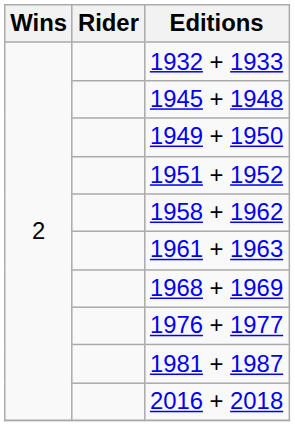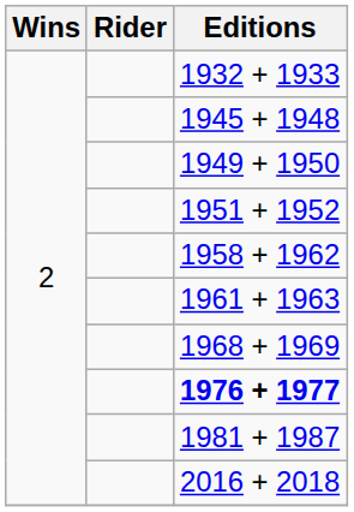 <table class="wikitable">
 <tr>
 <th>Wins</th>
 <th>Rider</th>
 <th>Editions</th>
 </tr>
 <tr>
 <td align=center rowspan= 10>2</td>
 <td></td>
 <td><a href='#'>1932</a> + <a href='#'>1933</a></td>
 </tr>
 <tr>
 <td></td>
 <td><a href='#'>1945</a> + <a href='#'>1948</a></td>
 </tr>
 <tr>
 <td></td>
 <td><a href='#'>1949</a> + <a href='#'>1950</a></td>
 </tr>
 <tr>
 <td></td>
 <td><a href='#'>1951</a> + <a href='#'>1952</a></td>
 </tr>
 <tr>
 <td></td>
 <td><a href='#'>1958</a> + <a href='#'>1962</a></td>
 </tr>
 <tr>
 <td></td>
 <td><a href='#'>1961</a> + <a href='#'>1963</a></td>
 </tr>
 <tr>
 <td></td>
 <td><a href='#'>1968</a> + <a href='#'>1969</a></td>
 </tr>
 <tr>
 <td></td>
-<td><a href='#'>1976</a> + <a href='#'>1977</a></td>
+<td><strong><a href='#'>1976</a> + <a href='#'>1977</a></strong></td>
 </tr>
 <tr>
 <td></td>
 <td><a href='#'>1981</a> + <a href='#'>1987</a></td>
 </tr>
 <tr>
 <td></td>
 <td><a href='#'>2016</a> + <a href='#'>2018</a></td>
 </tr>
 <tr>
 </tr>
 </table>
